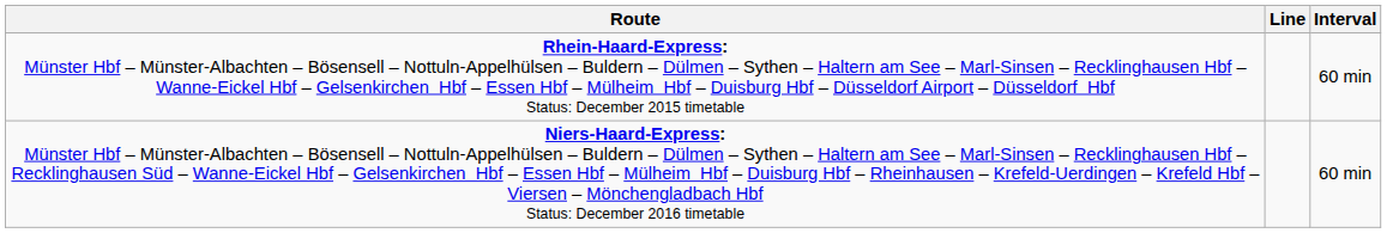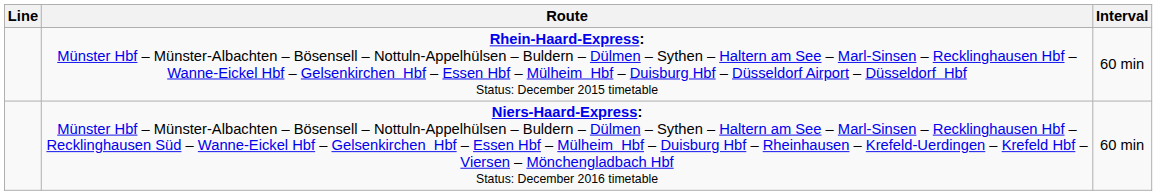 <table class="wikitable">
 <tr class="hintergrundfarbe6">
+<th>Line</th>
 <th>Route</th>
-<th>Line</th>
 <th>Interval</th>
 </tr>
 <tr align="center">
+<td></td>
 <td><strong><a href='#'>Rhein-Haard-Express</a>:</strong><br><a href='#'>Münster Hbf</a> – Münster-Albachten – Bösensell – Nottuln-Appelhülsen – Buldern – <a href='#'>Dülmen</a> – Sythen – <a href='#'>Haltern am See</a> – <a href='#'>Marl-Sinsen</a> – <a href='#'>Recklinghausen Hbf</a> – <a href='#'>Wanne-Eickel Hbf</a> – <a href='#'>Gelsenkirchen  Hbf</a> – <a href='#'>Essen Hbf</a> – <a href='#'>Mülheim  Hbf</a> – <a href='#'>Duisburg Hbf</a> – <a href='#'>Düsseldorf Airport</a> – <a href='#'>Düsseldorf  Hbf</a><br><small>Status: December 2015 timetable</small></td>
-<td></td>
 <td>60 min</td>
 </tr>
 <tr align="center">
+<td></td>
 <td><strong><a href='#'>Niers-Haard-Express</a>:</strong><br><a href='#'>Münster Hbf</a> – Münster-Albachten – Bösensell – Nottuln-Appelhülsen – Buldern – <a href='#'>Dülmen</a> – Sythen – <a href='#'>Haltern am See</a> – <a href='#'>Marl-Sinsen</a> – <a href='#'>Recklinghausen Hbf</a> – <a href='#'>Recklinghausen Süd</a> – <a href='#'>Wanne-Eickel Hbf</a> – <a href='#'>Gelsenkirchen  Hbf</a> – <a href='#'>Essen Hbf</a> – <a href='#'>Mülheim  Hbf</a> – <a href='#'>Duisburg Hbf</a> – <a href='#'>Rheinhausen</a> – <a href='#'>Krefeld-Uerdingen</a> – <a href='#'>Krefeld Hbf</a> – <a href='#'>Viersen</a> – <a href='#'>Mönchengladbach Hbf</a><br><small>Status: December 2016 timetable</small></td>
-<td></td>
 <td>60 min</td>
 </tr>
 </table>
